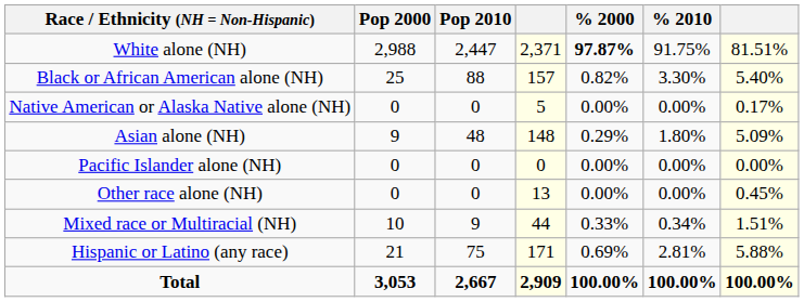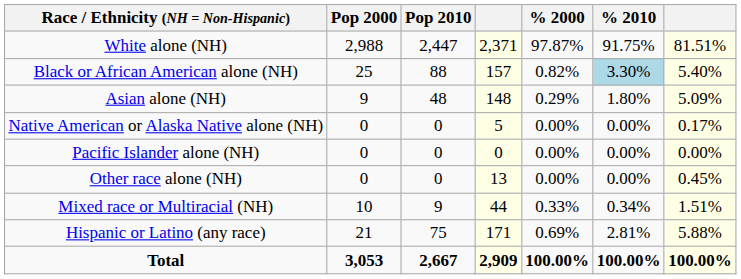 <table class="wikitable" style="text-align:center;">
 <tr>
 <th>Race / Ethnicity <small>(<em>NH = Non-Hispanic</em>)</small></th>
 <th>Pop 2000</th>
 <th>Pop 2010</th>
 <th></th>
 <th>% 2000</th>
 <th>% 2010</th>
 <th></th>
 </tr>
 <tr>
 <td><a href='#'>White</a> alone (NH)</td>
 <td>2,988</td>
 <td>2,447</td>
 <td style='background: #ffffe6;'>2,371</td>
-<td><strong>97.87%</strong></td>
+<td>97.87%</td>
 <td>91.75%</td>
 <td style='background: #ffffe6;'>81.51%</td>
 </tr>
 <tr>
 <td><a href='#'>Black or African American</a> alone (NH)</td>
 <td>25</td>
 <td>88</td>
 <td style='background: #ffffe6;'>157</td>
 <td>0.82%</td>
-<td>3.30%</td>
+<td style="background: lightblue;">3.30%</td>
 <td style='background: #ffffe6;'>5.40%</td>
+</tr>
+<tr>
+<td><a href='#'>Asian</a> alone (NH)</td>
+<td>9</td>
+<td>48</td>
+<td style='background: #ffffe6;'>148</td>
+<td>0.29%</td>
+<td>1.80%</td>
+<td style='background: #ffffe6;'>5.09%</td>
 </tr>
 <tr>
 <td><a href='#'>Native American</a> or <a href='#'>Alaska Native</a> alone (NH)</td>
 <td>0</td>
 <td>0</td>
 <td style='background: #ffffe6;'>5</td>
 <td>0.00%</td>
 <td>0.00%</td>
 <td style='background: #ffffe6;'>0.17%</td>
-</tr>
-<tr>
-<td><a href='#'>Asian</a> alone (NH)</td>
-<td>9</td>
-<td>48</td>
-<td style='background: #ffffe6;'>148</td>
-<td>0.29%</td>
-<td>1.80%</td>
-<td style='background: #ffffe6;'>5.09%</td>
 </tr>
 <tr>
 <td><a href='#'>Pacific Islander</a> alone (NH)</td>
 <td>0</td>
 <td>0</td>
 <td style='background: #ffffe6;'>0</td>
 <td>0.00%</td>
 <td>0.00%</td>
 <td style='background: #ffffe6;'>0.00%</td>
 </tr>
 <tr>
 <td><a href='#'>Other race</a> alone (NH)</td>
 <td>0</td>
 <td>0</td>
 <td style='background: #ffffe6;'>13</td>
 <td>0.00%</td>
 <td>0.00%</td>
 <td style='background: #ffffe6;'>0.45%</td>
 </tr>
 <tr>
 <td><a href='#'>Mixed race or Multiracial</a> (NH)</td>
 <td>10</td>
 <td>9</td>
 <td style='background: #ffffe6;'>44</td>
 <td>0.33%</td>
 <td>0.34%</td>
 <td style='background: #ffffe6;'>1.51%</td>
 </tr>
 <tr>
 <td><a href='#'>Hispanic or Latino</a> (any race)</td>
 <td>21</td>
 <td>75</td>
 <td style='background: #ffffe6;'>171</td>
 <td>0.69%</td>
 <td>2.81%</td>
 <td style='background: #ffffe6;'>5.88%</td>
 </tr>
 <tr>
 <td><strong>Total</strong></td>
 <td><strong>3,053</strong></td>
 <td><strong>2,667</strong></td>
 <td style='background: #ffffe6;'><strong>2,909</strong></td>
 <td><strong>100.00%</strong></td>
 <td><strong>100.00%</strong></td>
 <td style='background: #ffffe6;'><strong>100.00%</strong></td>
 </tr>
 </table>
